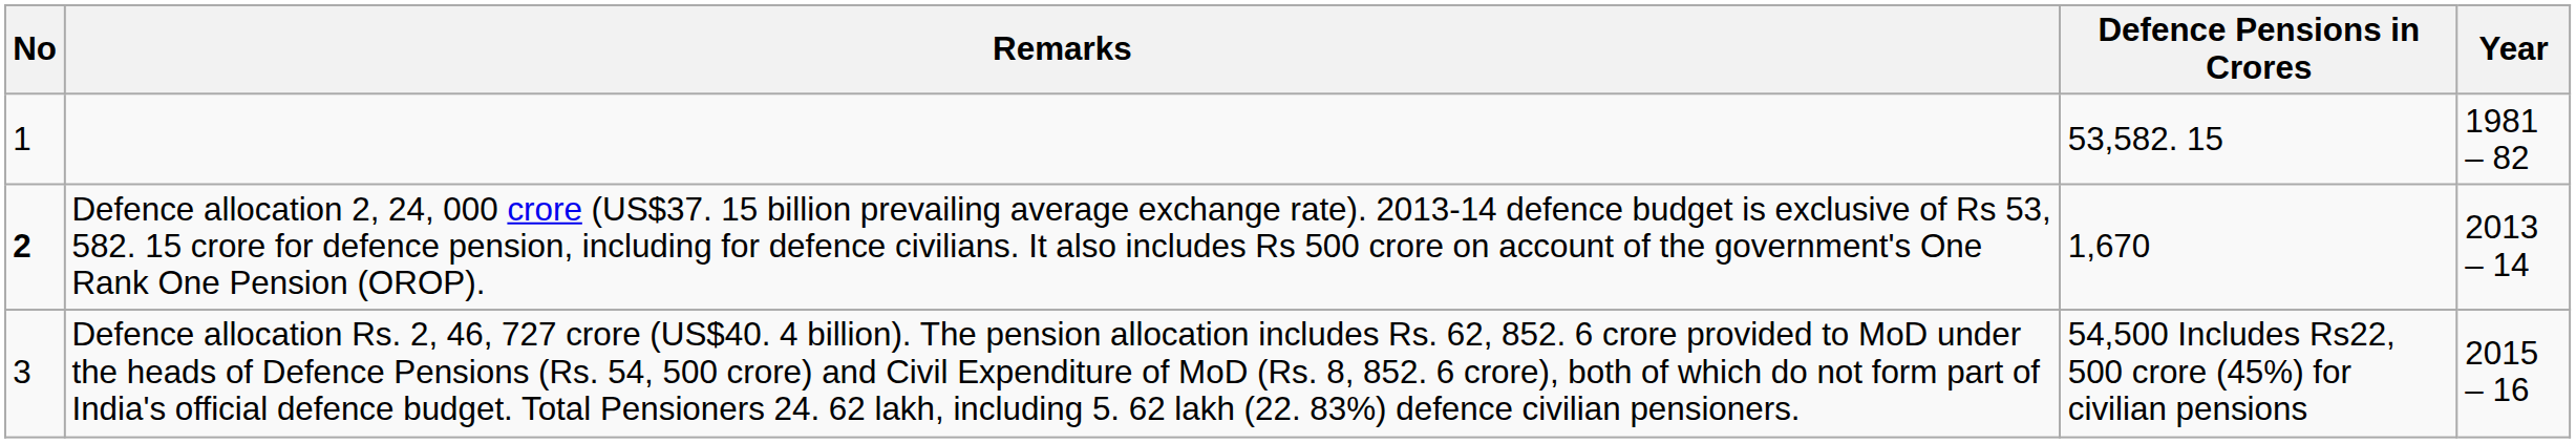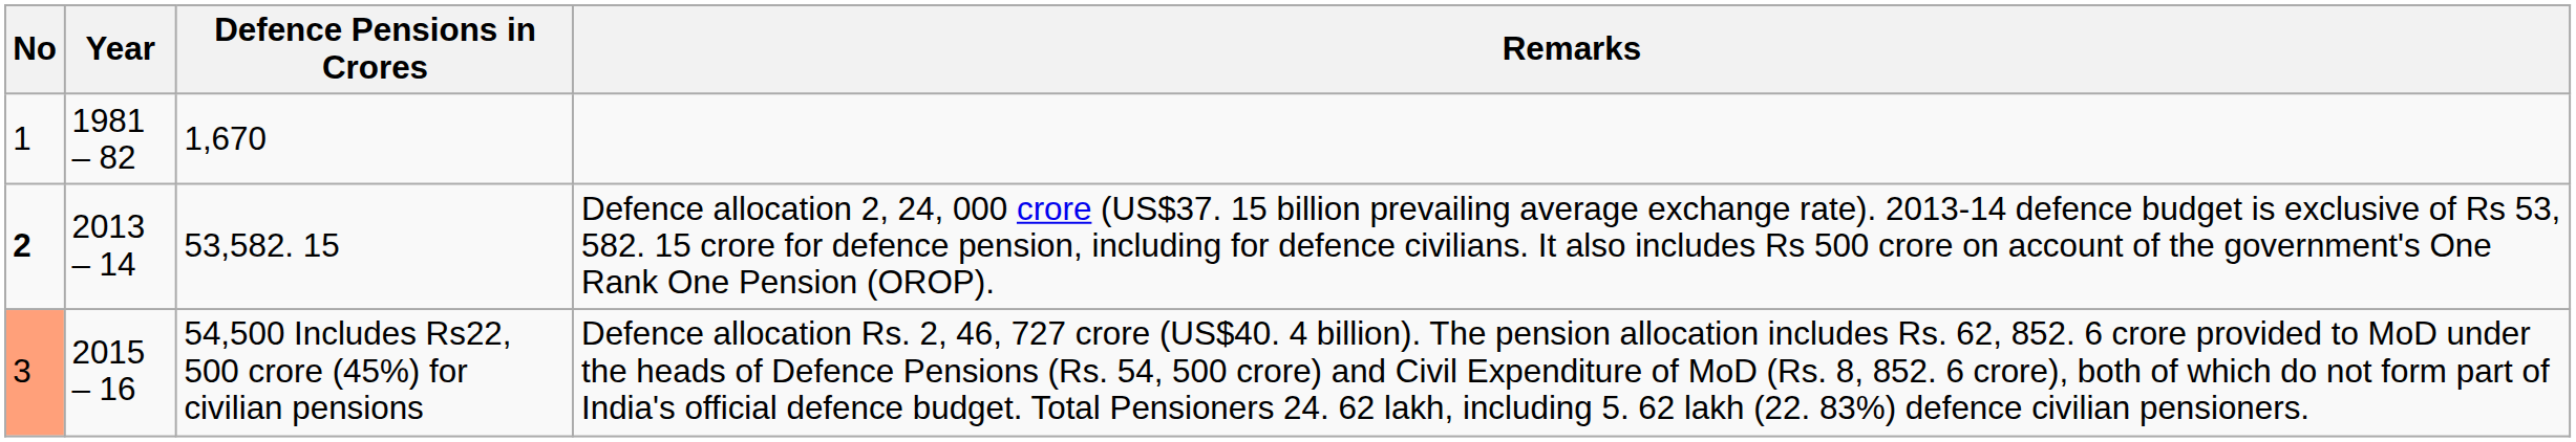 <table class="wikitable">
 <tr>
 <th>No</th>
+<th>Year</th>
+<th>Defence Pensions in  Crores</th>
 <th>Remarks</th>
-<th>Defence Pensions in  Crores</th>
-<th>Year</th>
 </tr>
 <tr>
 <td>1</td>
+<td>1981 – 82</td>
+<td>1,670</td>
 <td></td>
-<td>53,582. 15</td>
-<td>1981 – 82</td>
 </tr>
 <tr>
 <td><strong>2</strong></td>
+<td>2013 – 14</td>
+<td>53,582. 15</td>
 <td>Defence allocation 2, 24, 000 <a href='#'>crore</a> (US$37. 15 billion prevailing average exchange rate). 2013-14 defence budget is exclusive of Rs 53, 582. 15 crore for defence pension, including for defence civilians. It also includes Rs 500 crore on account of the government's One Rank One Pension (OROP).</td>
-<td>1,670</td>
-<td>2013 – 14</td>
 </tr>
 <tr>
-<td>3</td>
+<td style="background: lightsalmon;">3</td>
+<td>2015 – 16</td>
+<td>54,500 Includes Rs22, 500 crore (45%) for civilian pensions</td>
 <td>Defence allocation Rs. 2, 46, 727 crore (US$40. 4 billion). The pension allocation includes Rs. 62, 852. 6 crore provided to MoD under the heads of Defence Pensions (Rs. 54, 500 crore) and Civil Expenditure of MoD (Rs. 8, 852. 6 crore), both of which do not form part of India's official defence budget. Total Pensioners 24. 62 lakh, including 5. 62 lakh (22. 83%) defence civilian pensioners.</td>
-<td>54,500 Includes Rs22, 500 crore (45%) for civilian pensions</td>
-<td>2015 – 16</td>
 </tr>
 </table>
